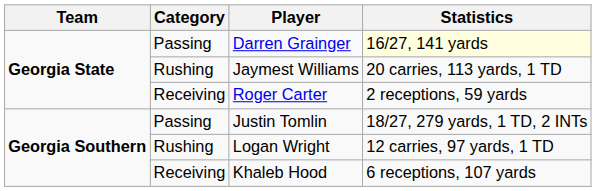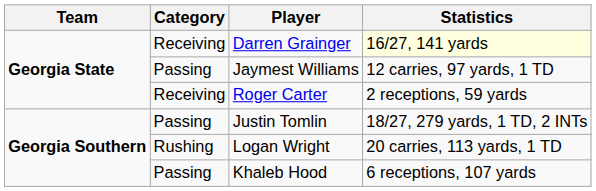 <table class="wikitable" style="float: left;">
 <tr>
 <th>Team</th>
 <th>Category</th>
 <th>Player</th>
 <th>Statistics</th>
 </tr>
 <tr>
 <td rowspan=3><strong>Georgia State</strong></td>
-<td>Passing</td>
+<td>Receiving</td>
 <td><a href='#'>Darren Grainger</a></td>
 <td style="background: lightyellow;">16/27, 141 yards</td>
 </tr>
 <tr>
-<td>Rushing</td>
+<td>Passing</td>
 <td>Jaymest Williams</td>
-<td>20 carries, 113 yards, 1 TD</td>
+<td>12 carries, 97 yards, 1 TD</td>
 </tr>
 <tr>
 <td>Receiving</td>
 <td><a href='#'>Roger Carter</a></td>
 <td>2 receptions, 59 yards</td>
 </tr>
 <tr>
 <td rowspan=3><strong>Georgia Southern</strong></td>
 <td>Passing</td>
 <td>Justin Tomlin</td>
 <td>18/27, 279 yards, 1 TD, 2 INTs</td>
 </tr>
 <tr>
 <td>Rushing</td>
 <td>Logan Wright</td>
-<td>12 carries, 97 yards, 1 TD</td>
+<td>20 carries, 113 yards, 1 TD</td>
 </tr>
 <tr>
-<td>Receiving</td>
+<td>Passing</td>
 <td>Khaleb Hood</td>
 <td>6 receptions, 107 yards</td>
 </tr>
 </table>
